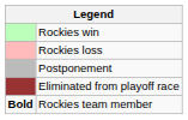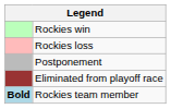 <table class="wikitable" style="font-size:90%">
 <tr>
 <th colspan="3">Legend</th>
 </tr>
 <tr>
 <td bgcolor="#bbffbb"> </td>
 <td>Rockies win</td>
 </tr>
 <tr>
 <td bgcolor="#ffbbbb"> </td>
 <td>Rockies loss</td>
 </tr>
 <tr>
 <td bgcolor="#bbbbbb"> </td>
 <td>Postponement</td>
 </tr>
 <tr>
 <td bgcolor="#993333"> </td>
 <td>Eliminated from playoff race</td>
 </tr>
 <tr>
-<td><strong>Bold</strong></td>
+<td style="background: lightblue;"><strong>Bold</strong></td>
 <td>Rockies team member</td>
 </tr>
 </table>
